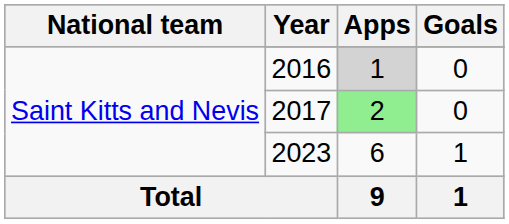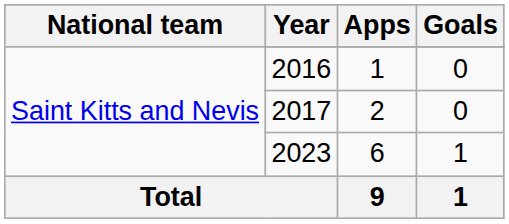 <table class="wikitable" style="text-align:center">
 <tr>
 <th>National team</th>
 <th>Year</th>
 <th>Apps</th>
 <th>Goals</th>
 </tr>
 <tr>
 <td rowspan="4"><a href='#'>Saint Kitts and Nevis</a></td>
 </tr>
 <tr>
 <td>2016</td>
-<td style="background: lightgrey;">1</td>
+<td>1</td>
 <td>0</td>
 </tr>
 <tr>
 <td>2017</td>
-<td style="background: lightgreen;">2</td>
+<td>2</td>
 <td>0</td>
 </tr>
 <tr>
 <td>2023</td>
 <td>6</td>
 <td>1</td>
 </tr>
 <tr>
 <th colspan="2">Total</th>
 <th>9</th>
 <th>1</th>
 </tr>
 </table>
